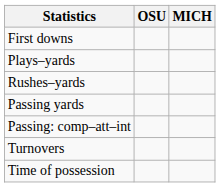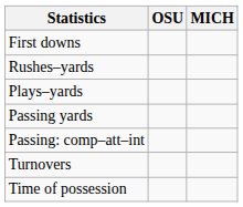 <table class="wikitable" style="float:left">
 <tr>
 <th>Statistics</th>
 <th>OSU</th>
 <th>MICH</th>
 </tr>
 <tr>
 <td>First downs</td>
 <td></td>
 <td></td>
 </tr>
 <tr>
-<td>Plays–yards</td>
+<td>Rushes–yards</td>
 <td></td>
 <td></td>
 </tr>
 <tr>
-<td>Rushes–yards</td>
+<td>Plays–yards</td>
 <td></td>
 <td></td>
 </tr>
 <tr>
 <td>Passing yards</td>
 <td></td>
 <td></td>
 </tr>
 <tr>
 <td>Passing: comp–att–int</td>
 <td></td>
 <td></td>
 </tr>
 <tr>
 <td>Turnovers</td>
 <td></td>
 <td></td>
 </tr>
 <tr>
 <td>Time of possession</td>
 <td></td>
 <td></td>
 </tr>
 </table>
